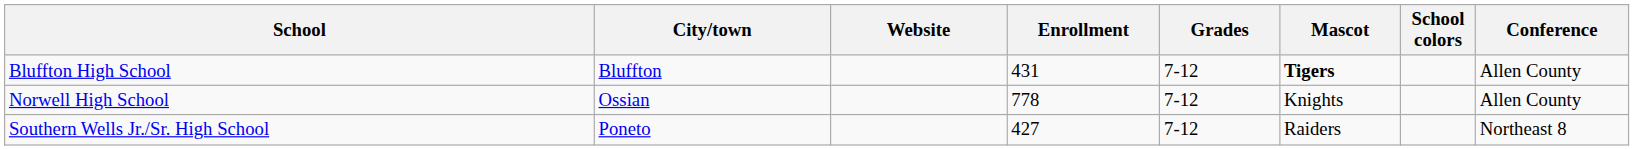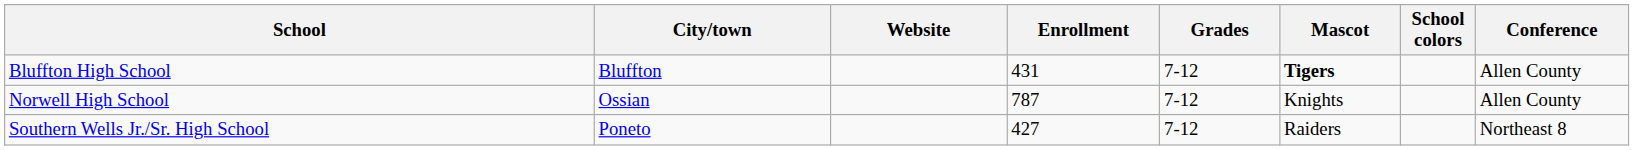 <table class="wikitable sortable" width="70%">
 <tr>
 <th width="20%">School</th>
 <th width="08%">City/town</th>
 <th width="06%">Website</th>
 <th width="04%">Enrollment</th>
 <th width="04%">Grades</th>
 <th width="04%">Mascot</th>
 <th width=01%>School colors</th>
 <th width="04%">Conference</th>
 </tr>
 <tr>
 <td><a href='#'>Bluffton High School</a></td>
 <td><a href='#'>Bluffton</a></td>
 <td></td>
 <td>431</td>
 <td>7-12</td>
 <td><strong>Tigers</strong></td>
 <td> </td>
 <td>Allen County</td>
 </tr>
 <tr>
 <td><a href='#'>Norwell High School</a></td>
 <td><a href='#'>Ossian</a></td>
 <td></td>
-<td>778</td>
+<td>787</td>
 <td>7-12</td>
 <td>Knights</td>
 <td> </td>
 <td>Allen County</td>
 </tr>
 <tr>
 <td><a href='#'>Southern Wells Jr./Sr. High School</a></td>
 <td><a href='#'>Poneto</a></td>
 <td></td>
 <td>427</td>
 <td>7-12</td>
 <td>Raiders</td>
 <td>  </td>
 <td>Northeast 8</td>
 </tr>
 </table>
